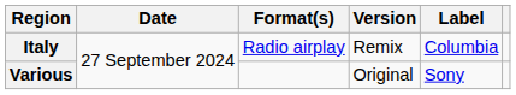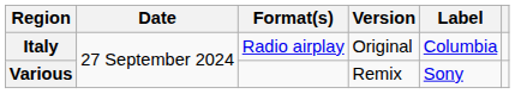 <table class="wikitable plainrowheaders">
 <tr>
 <th scope="col">Region</th>
 <th scope="col">Date</th>
 <th scope="col">Format(s)</th>
 <th scope="col">Version</th>
 <th scope="col">Label</th>
 <th scope="col"></th>
 </tr>
 <tr>
 <th scope="row">Italy</th>
 <td rowspan="2">27 September 2024</td>
 <td><a href='#'>Radio airplay</a></td>
-<td>Remix</td>
+<td>Original</td>
 <td><a href='#'>Columbia</a></td>
 <td align="center"></td>
 </tr>
 <tr>
 <th scope="row">Various</th>
 <td></td>
-<td>Original</td>
+<td>Remix</td>
 <td><a href='#'>Sony</a></td>
 <td align="center"></td>
 </tr>
 </table>
